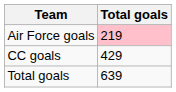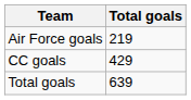 <table class="wikitable">
 <tr>
 <th>Team</th>
 <th>Total goals</th>
 </tr>
 <tr>
 <td>Air Force goals</td>
-<td style="background: pink;">219</td>
+<td>219</td>
 </tr>
 <tr>
 <td>CC goals</td>
 <td>429</td>
 </tr>
 <tr>
 <td>Total goals</td>
 <td>639</td>
 </tr>
 </table>
